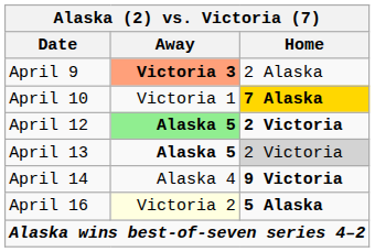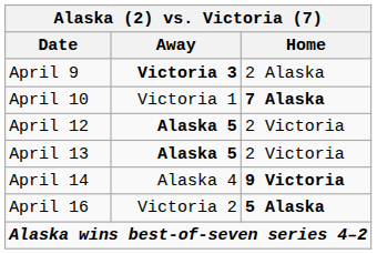 <table class="wikitable">
 <tr>
 <th bgcolor="#DDDDDD" colspan="4">Alaska (2) vs. Victoria (7)</th>
 </tr>
 <tr>
 <th>Date</th>
 <th>Away</th>
 <th>Home</th>
 </tr>
 <tr>
 <td>April 9</td>
-<td align="right" style="background: lightsalmon;"><strong>Victoria 3</strong></td>
+<td align="right"><strong>Victoria 3</strong></td>
 <td>2 Alaska</td>
 </tr>
 <tr>
 <td>April 10</td>
 <td align="right">Victoria 1</td>
-<td style="background: gold;"><strong>7 Alaska</strong></td>
+<td><strong>7 Alaska</strong></td>
 </tr>
 <tr>
 <td>April 12</td>
-<td align="right" style="background: lightgreen;"><strong>Alaska 5</strong></td>
-<td><strong>2 Victoria</strong></td>
+<td align="right"><strong>Alaska 5</strong></td>
+<td>2 Victoria</td>
 </tr>
 <tr>
 <td>April 13</td>
 <td align="right"><strong>Alaska 5</strong></td>
-<td style="background: lightgrey;">2 Victoria</td>
+<td>2 Victoria</td>
 </tr>
 <tr>
 <td>April 14</td>
 <td align="right">Alaska 4</td>
 <td><strong>9 Victoria</strong></td>
 </tr>
 <tr>
 <td>April 16</td>
-<td align="right" style="background: lightyellow;">Victoria 2</td>
+<td align="right">Victoria 2</td>
 <td><strong>5 Alaska</strong></td>
 </tr>
 <tr align="center">
 <td colspan="4"><strong><em>Alaska wins best-of-seven series 4–2</em></strong></td>
 </tr>
 </table>
